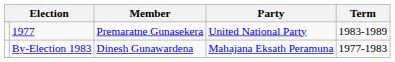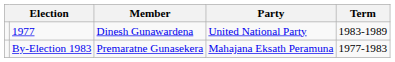 <table class="wikitable">
 <tr>
 <th colspan="2">Election</th>
 <th>Member</th>
 <th>Party</th>
 <th>Term</th>
 </tr>
 <tr>
 <td style="background-color: "></td>
 <td><a href='#'>1977</a></td>
-<td><a href='#'>Premaratne Gunasekera</a></td>
+<td><a href='#'>Dinesh Gunawardena</a></td>
 <td><a href='#'>United National Party</a></td>
 <td>1983-1989</td>
 </tr>
 <tr>
 <td style="background-color: "></td>
 <td><a href='#'>By-Election 1983</a></td>
-<td><a href='#'>Dinesh Gunawardena</a></td>
+<td><a href='#'>Premaratne Gunasekera</a></td>
 <td><a href='#'>Mahajana Eksath Peramuna</a></td>
 <td>1977-1983</td>
 </tr>
 </table>
